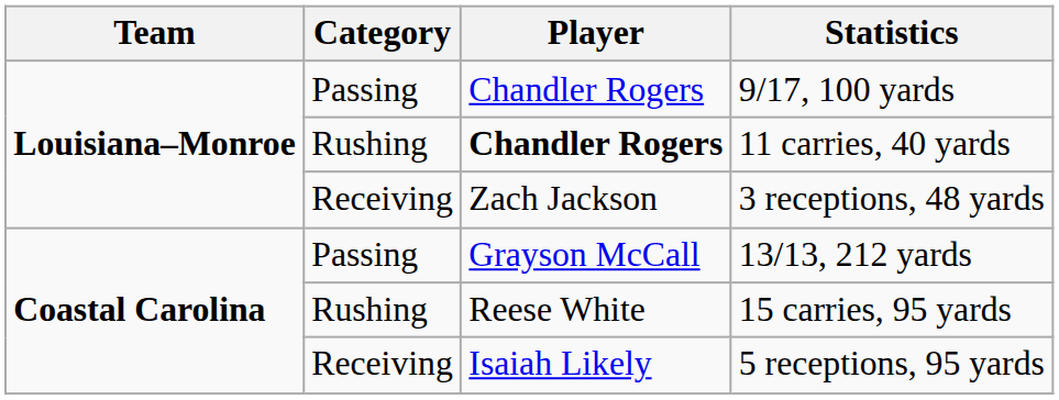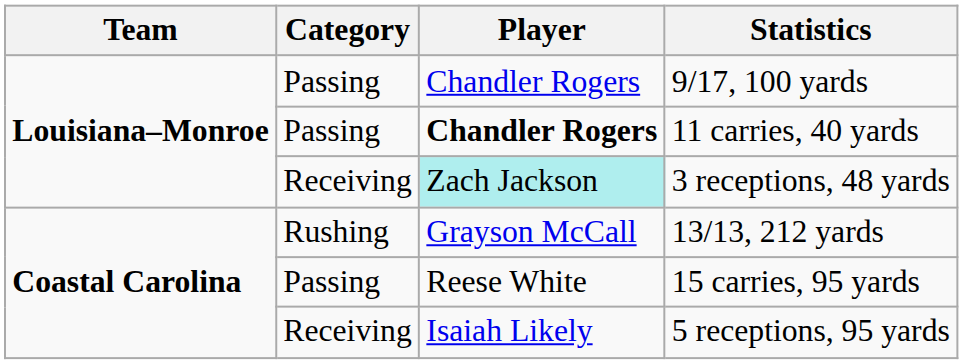 <table class="wikitable" style="float: left;">
 <tr>
 <th>Team</th>
 <th>Category</th>
 <th>Player</th>
 <th>Statistics</th>
 </tr>
 <tr>
 <td rowspan=3><strong>Louisiana–Monroe</strong></td>
 <td>Passing</td>
 <td><a href='#'>Chandler Rogers</a></td>
 <td>9/17, 100 yards</td>
 </tr>
 <tr>
-<td>Rushing</td>
+<td>Passing</td>
 <td><strong>Chandler Rogers</strong></td>
 <td>11 carries, 40 yards</td>
 </tr>
 <tr>
 <td>Receiving</td>
-<td>Zach Jackson</td>
+<td style="background: paleturquoise;">Zach Jackson</td>
 <td>3 receptions, 48 yards</td>
 </tr>
 <tr>
 <td rowspan=3><strong>Coastal Carolina</strong></td>
-<td>Passing</td>
+<td>Rushing</td>
 <td><a href='#'>Grayson McCall</a></td>
 <td>13/13, 212 yards</td>
 </tr>
 <tr>
-<td>Rushing</td>
+<td>Passing</td>
 <td>Reese White</td>
 <td>15 carries, 95 yards</td>
 </tr>
 <tr>
 <td>Receiving</td>
 <td><a href='#'>Isaiah Likely</a></td>
 <td>5 receptions, 95 yards</td>
 </tr>
 </table>
